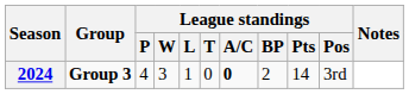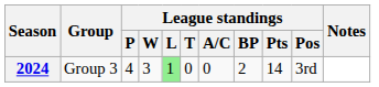 <table class="wikitable sortable">
 <tr>
 <th scope="col" rowspan="2">Season</th>
 <th scope="col" rowspan="2">Group</th>
 <th scope="col" colspan="8">League standings</th>
 <th scope="col" rowspan="2">Notes</th>
 </tr>
 <tr>
 <th scope="col">P</th>
 <th scope="col">W</th>
 <th scope="col">L</th>
 <th scope="col">T</th>
 <th scope="col">A/C</th>
 <th scope="col">BP</th>
 <th scope="col">Pts</th>
 <th scope="col">Pos</th>
 </tr>
 <tr>
 <th scope="row"><a href='#'>2024</a></th>
-<td><strong>Group 3</strong></td>
+<td>Group 3</td>
 <td>4</td>
 <td>3</td>
-<td>1</td>
+<td style="background: lightgreen;">1</td>
 <td>0</td>
-<td><strong>0</strong></td>
+<td>0</td>
 <td>2</td>
 <td>14</td>
 <td>3rd</td>
 <td style="background: white;"></td>
 </tr>
 </table>
